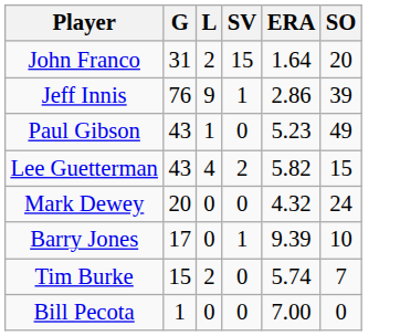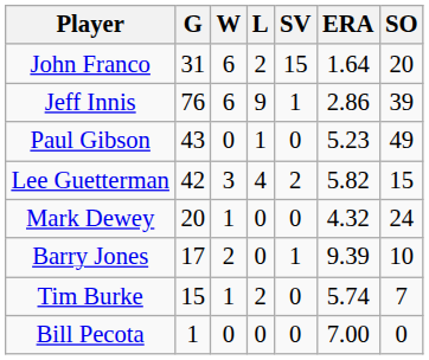 <table class="wikitable sortable">
 <tr>
 <th>Player</th>
 <th>G</th>
+<th>W</th>
 <th>L</th>
 <th>SV</th>
 <th>ERA</th>
 <th>SO</th>
 </tr>
 <tr align=center>
 <td><a href='#'>John Franco</a></td>
 <td>31</td>
+<td>6</td>
 <td>2</td>
 <td>15</td>
 <td>1.64</td>
 <td>20</td>
 </tr>
 <tr align=center>
 <td><a href='#'>Jeff Innis</a></td>
 <td>76</td>
+<td>6</td>
 <td>9</td>
 <td>1</td>
 <td>2.86</td>
 <td>39</td>
 </tr>
 <tr align=center>
 <td><a href='#'>Paul Gibson</a></td>
 <td>43</td>
+<td>0</td>
 <td>1</td>
 <td>0</td>
 <td>5.23</td>
 <td>49</td>
 </tr>
 <tr align=center>
 <td><a href='#'>Lee Guetterman</a></td>
-<td>43</td>
+<td>42</td>
+<td>3</td>
 <td>4</td>
 <td>2</td>
 <td>5.82</td>
 <td>15</td>
 </tr>
 <tr align=center>
 <td><a href='#'>Mark Dewey</a></td>
 <td>20</td>
+<td>1</td>
 <td>0</td>
 <td>0</td>
 <td>4.32</td>
 <td>24</td>
 </tr>
 <tr align=center>
 <td><a href='#'>Barry Jones</a></td>
 <td>17</td>
+<td>2</td>
 <td>0</td>
 <td>1</td>
 <td>9.39</td>
 <td>10</td>
 </tr>
 <tr align=center>
 <td><a href='#'>Tim Burke</a></td>
 <td>15</td>
+<td>1</td>
 <td>2</td>
 <td>0</td>
 <td>5.74</td>
 <td>7</td>
 </tr>
 <tr align=center>
 <td><a href='#'>Bill Pecota</a></td>
 <td>1</td>
 <td>0</td>
 <td>0</td>
+<td>0</td>
 <td>7.00</td>
 <td>0</td>
 </tr>
 </table>
